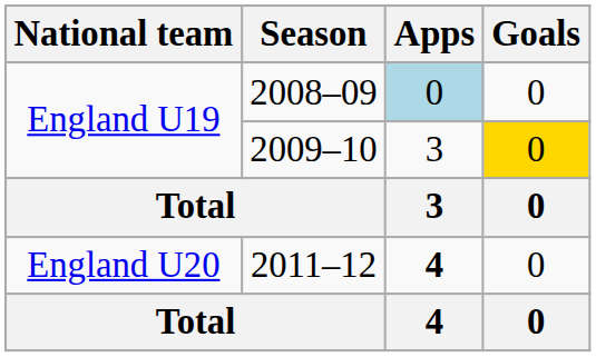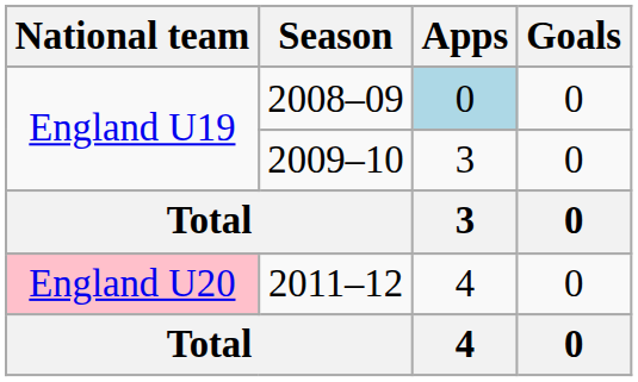 <table class="wikitable" style="text-align:center">
 <tr>
 <th>National team</th>
 <th>Season</th>
 <th>Apps</th>
 <th>Goals</th>
 </tr>
 <tr>
 <td rowspan=2 valign="center"><a href='#'>England U19</a></td>
 <td>2008–09</td>
 <td style="background: lightblue;">0</td>
 <td>0</td>
 </tr>
 <tr>
 <td>2009–10</td>
 <td>3</td>
-<td style="background: gold;">0</td>
+<td>0</td>
 </tr>
 <tr>
 <th colspan=2>Total</th>
 <th>3</th>
 <th>0</th>
 </tr>
 <tr>
-<td rowspan=1 valign="center"><a href='#'>England U20</a></td>
+<td rowspan=1 valign="center" style="background: pink;"><a href='#'>England U20</a></td>
 <td>2011–12</td>
-<td><strong>4</strong></td>
+<td>4</td>
 <td>0</td>
 </tr>
 <tr>
 <th colspan=2>Total</th>
 <th>4</th>
 <th>0</th>
 </tr>
 </table>
